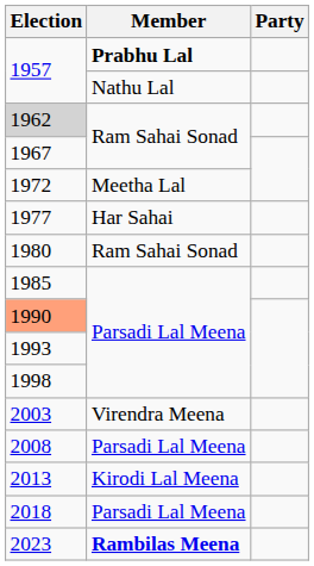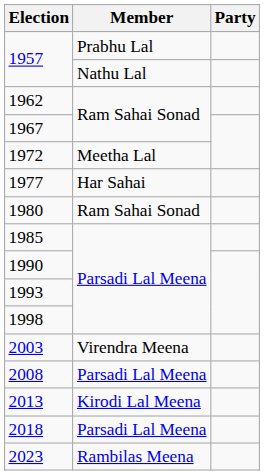 <table class="wikitable sortable">
 <tr>
 <th>Election</th>
 <th>Member</th>
 <th colspan=2>Party</th>
 </tr>
 <tr>
 <td rowspan="2"><a href='#'>1957</a></td>
-<td><strong>Prabhu Lal</strong></td>
+<td>Prabhu Lal</td>
 <td></td>
 </tr>
 <tr>
 <td>Nathu Lal</td>
 </tr>
 <tr>
-<td style="background: lightgrey;">1962</td>
+<td>1962</td>
 <td rowspan=2>Ram Sahai Sonad</td>
 <td></td>
 </tr>
 <tr>
 <td>1967</td>
 </tr>
 <tr>
 <td>1972</td>
 <td>Meetha Lal</td>
 </tr>
 <tr>
 <td>1977</td>
 <td>Har Sahai</td>
 <td></td>
 </tr>
 <tr>
 <td>1980</td>
 <td>Ram Sahai Sonad</td>
 <td></td>
 </tr>
 <tr>
 <td>1985</td>
 <td rowspan=4><a href='#'>Parsadi Lal Meena</a></td>
 <td></td>
 </tr>
 <tr>
-<td style="background: lightsalmon;">1990</td>
+<td>1990</td>
 </tr>
 <tr>
 <td>1993</td>
 </tr>
 <tr>
 <td>1998</td>
 </tr>
 <tr>
 <td><a href='#'>2003</a></td>
 <td>Virendra Meena</td>
 <td></td>
 </tr>
 <tr>
 <td><a href='#'>2008</a></td>
 <td><a href='#'>Parsadi Lal Meena</a></td>
 <td></td>
 </tr>
 <tr>
 <td><a href='#'>2013</a></td>
 <td><a href='#'>Kirodi Lal Meena</a></td>
 <td></td>
 </tr>
 <tr>
 <td><a href='#'>2018</a></td>
 <td><a href='#'>Parsadi Lal Meena</a></td>
 <td></td>
 </tr>
 <tr>
 <td><a href='#'>2023</a></td>
-<td><strong><a href='#'>Rambilas Meena</a></strong></td>
+<td><a href='#'>Rambilas Meena</a></td>
 <td></td>
 </tr>
 </table>
